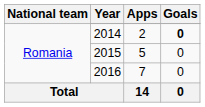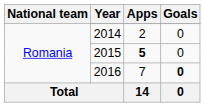 <table class="wikitable" style="text-align: center;">
 <tr>
 <th>National team</th>
 <th>Year</th>
 <th>Apps</th>
 <th>Goals</th>
 </tr>
 <tr>
 <td rowspan="4"><a href='#'>Romania</a></td>
 </tr>
 <tr>
 <td>2014</td>
 <td>2</td>
-<td><strong>0</strong></td>
+<td>0</td>
 </tr>
 <tr>
 <td>2015</td>
-<td>5</td>
+<td><strong>5</strong></td>
 <td>0</td>
 </tr>
 <tr>
 <td>2016</td>
 <td>7</td>
-<td>0</td>
+<td><strong>0</strong></td>
 </tr>
 <tr>
 <th colspan=2>Total</th>
 <th>14</th>
 <th>0</th>
 </tr>
 </table>
